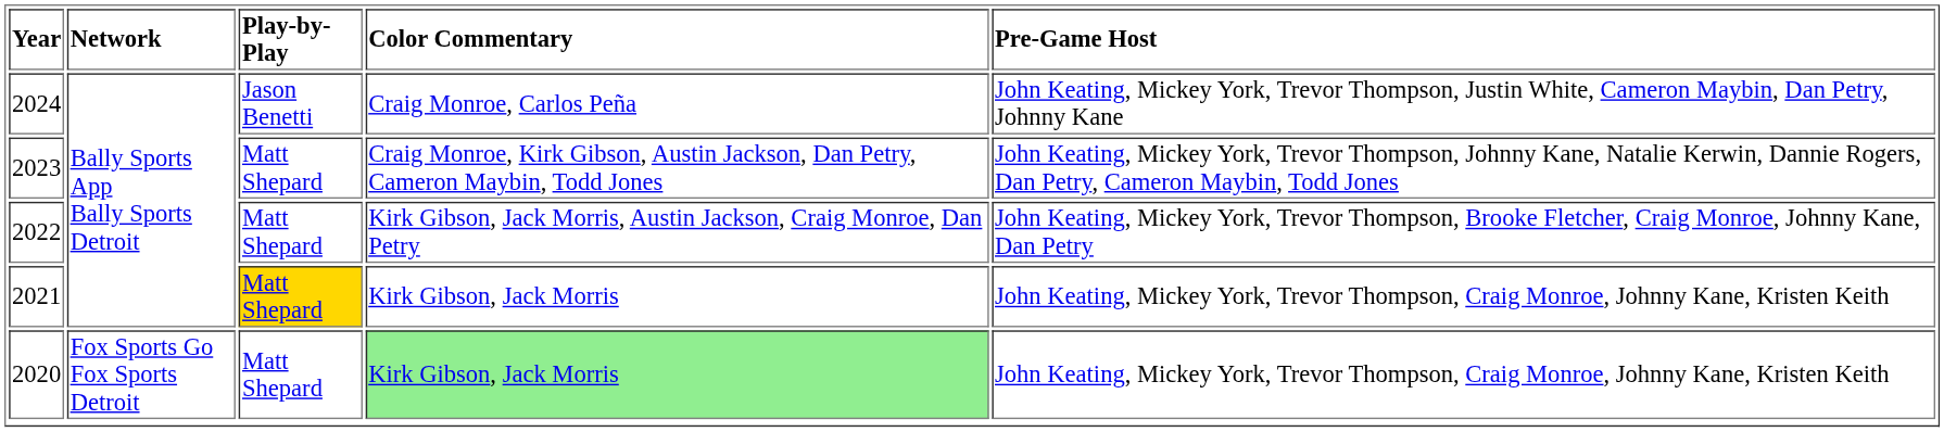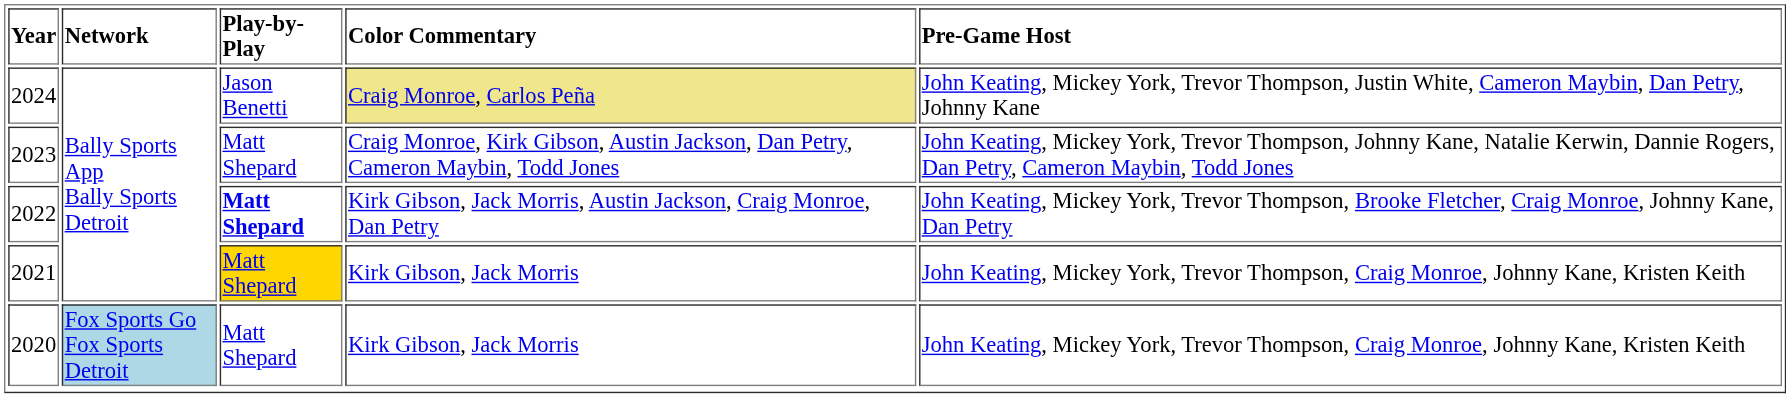 <table border="1" cellpadding="1">
 <tr>
 <td><strong>Year</strong></td>
 <td><strong>Network</strong></td>
 <td><strong>Play-by-Play</strong></td>
 <td><strong>Color Commentary</strong></td>
 <td><strong>Pre-Game Host</strong></td>
 </tr>
 <tr>
 <td>2024</td>
 <td rowspan="4"><a href='#'>Bally Sports App</a><br><a href='#'>Bally Sports Detroit</a></td>
 <td><a href='#'>Jason Benetti</a></td>
-<td><a href='#'>Craig Monroe</a>, <a href='#'>Carlos Peña</a></td>
+<td style="background: khaki;"><a href='#'>Craig Monroe</a>, <a href='#'>Carlos Peña</a></td>
 <td><a href='#'>John Keating</a>, Mickey York, Trevor Thompson, Justin White, <a href='#'>Cameron Maybin</a>, <a href='#'>Dan Petry</a>, Johnny Kane</td>
 </tr>
 <tr>
 <td>2023</td>
 <td><a href='#'>Matt Shepard</a></td>
 <td><a href='#'>Craig Monroe</a>, <a href='#'>Kirk Gibson</a>, <a href='#'>Austin Jackson</a>, <a href='#'>Dan Petry</a>, <a href='#'>Cameron Maybin</a>, <a href='#'>Todd Jones</a></td>
 <td><a href='#'>John Keating</a>, Mickey York, Trevor Thompson, Johnny Kane, Natalie Kerwin, Dannie Rogers, <a href='#'>Dan Petry</a>, <a href='#'>Cameron Maybin</a>, <a href='#'>Todd Jones</a></td>
 </tr>
 <tr>
 <td>2022</td>
-<td><a href='#'>Matt Shepard</a></td>
+<td><strong><a href='#'>Matt Shepard</a></strong></td>
 <td><a href='#'>Kirk Gibson</a>, <a href='#'>Jack Morris</a>, <a href='#'>Austin Jackson</a>, <a href='#'>Craig Monroe</a>, <a href='#'>Dan Petry</a></td>
 <td><a href='#'>John Keating</a>, Mickey York, Trevor Thompson, <a href='#'>Brooke Fletcher</a>, <a href='#'>Craig Monroe</a>, Johnny Kane, <a href='#'>Dan Petry</a></td>
 </tr>
 <tr>
 <td>2021</td>
 <td style="background: gold;"><a href='#'>Matt Shepard</a></td>
 <td><a href='#'>Kirk Gibson</a>, <a href='#'>Jack Morris</a></td>
 <td><a href='#'>John Keating</a>, Mickey York, Trevor Thompson, <a href='#'>Craig Monroe</a>, Johnny Kane, Kristen Keith</td>
 </tr>
 <tr>
 <td>2020</td>
-<td><a href='#'>Fox Sports Go</a><br><a href='#'>Fox Sports Detroit</a> <br></td>
+<td style="background: lightblue;"><a href='#'>Fox Sports Go</a><br><a href='#'>Fox Sports Detroit</a> <br></td>
 <td><a href='#'>Matt Shepard</a></td>
-<td style="background: lightgreen;"><a href='#'>Kirk Gibson</a>, <a href='#'>Jack Morris</a></td>
+<td><a href='#'>Kirk Gibson</a>, <a href='#'>Jack Morris</a></td>
 <td><a href='#'>John Keating</a>, Mickey York, Trevor Thompson, <a href='#'>Craig Monroe</a>, Johnny Kane, Kristen Keith</td>
 </tr>
 <tr>
 </tr>
 </table>
